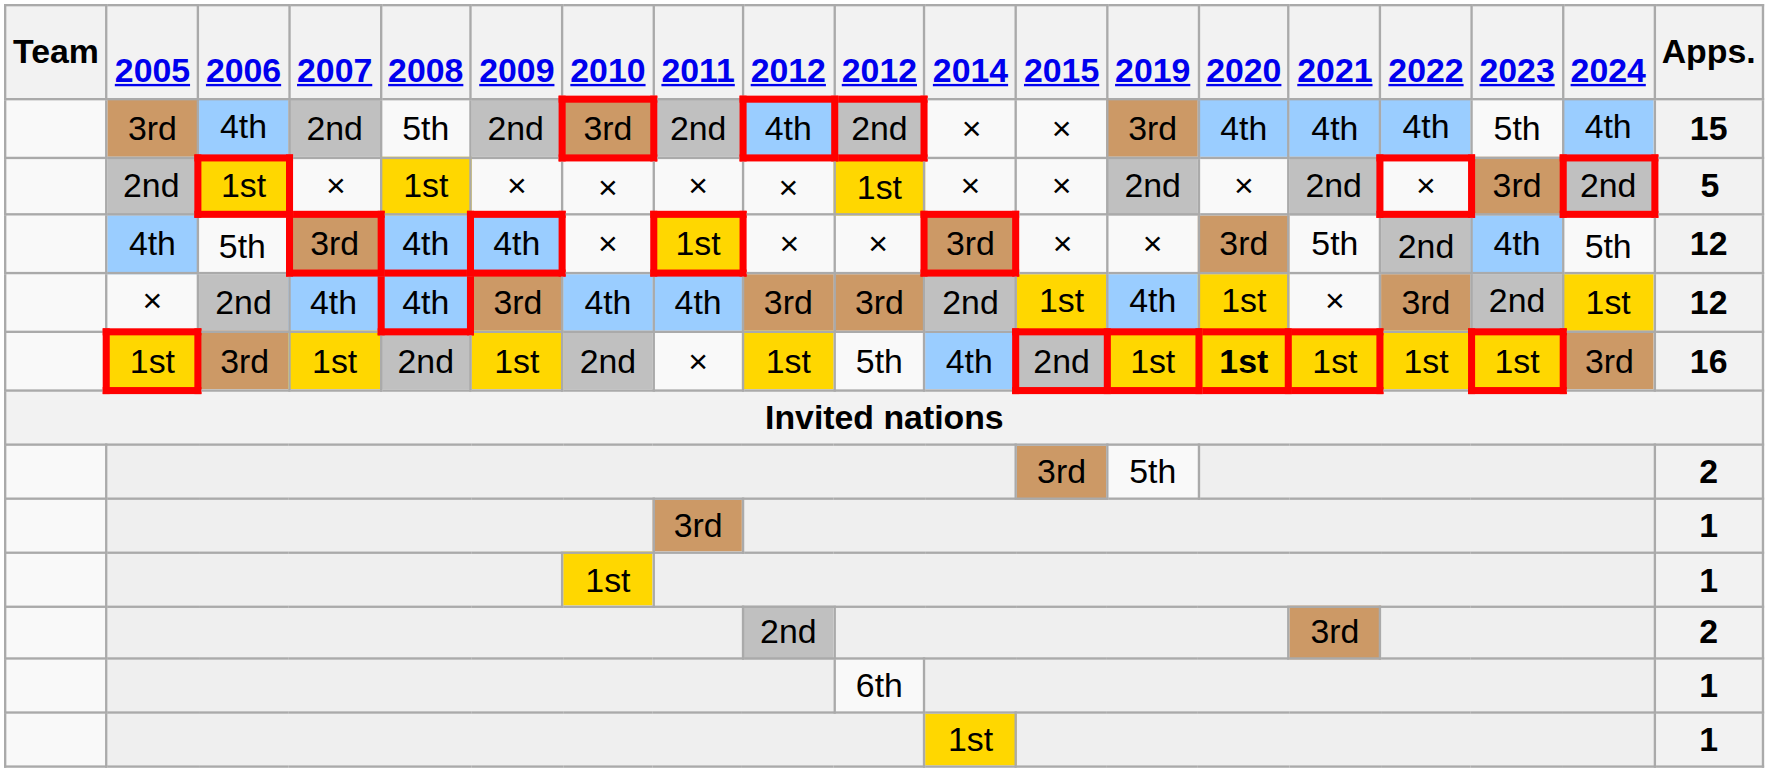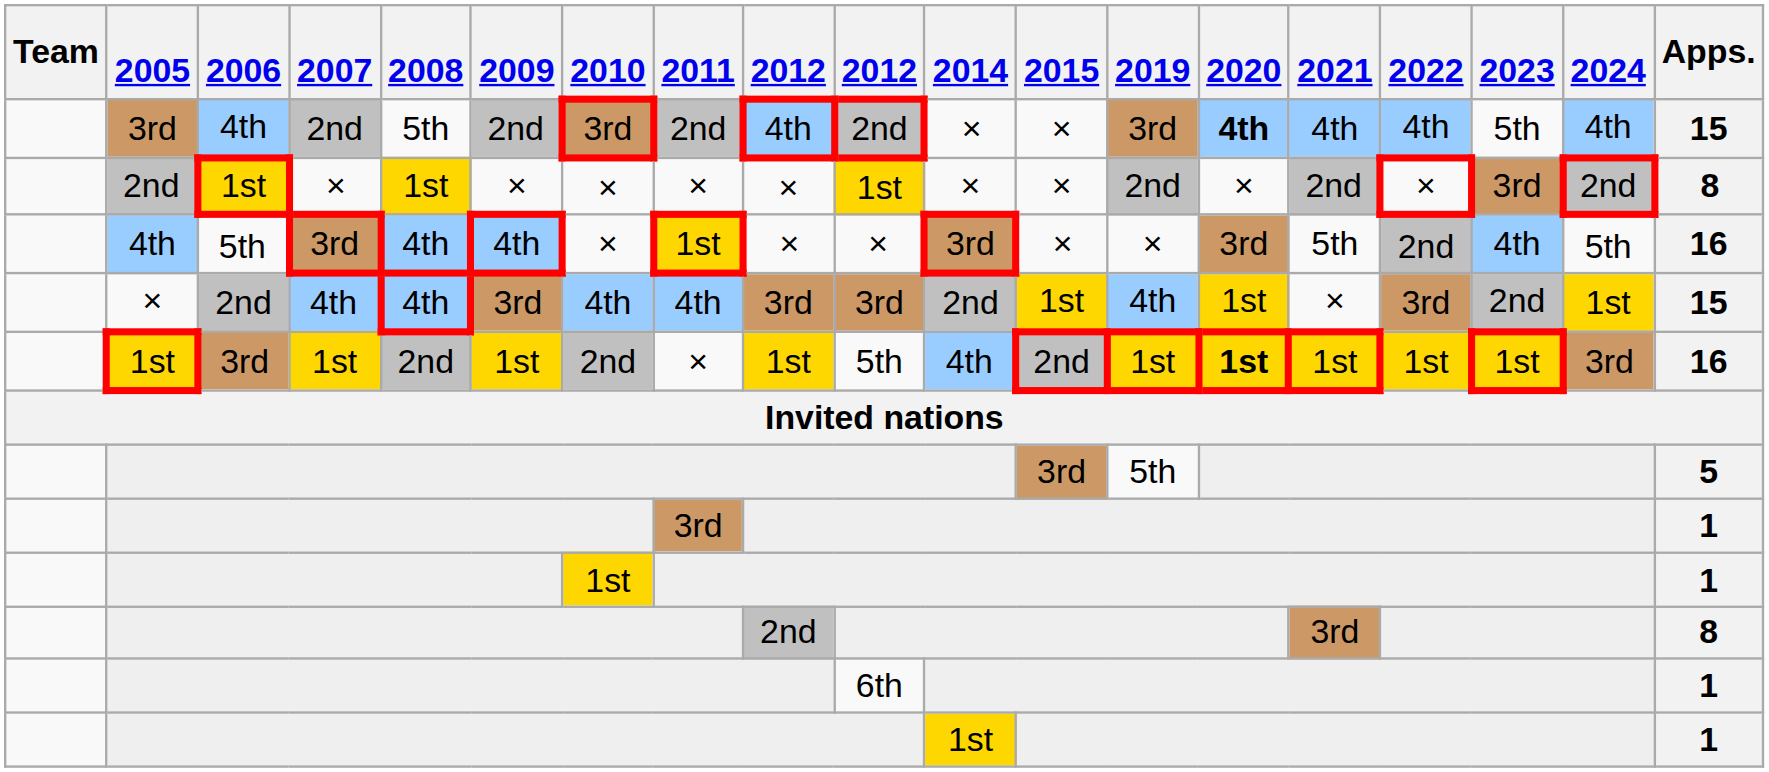 <table class="wikitable" style="text-align:center; font-size:90%">
 <tr>
 <th>Team</th>
 <th><br><a href='#'>2005</a></th>
 <th><br><a href='#'>2006</a></th>
 <th><br><a href='#'>2007</a></th>
 <th><br><a href='#'>2008</a></th>
 <th><br><a href='#'>2009</a></th>
 <th><br><a href='#'>2010</a></th>
 <th><br><a href='#'>2011</a></th>
 <th><br><a href='#'>2012</a></th>
 <th><br><a href='#'>2012</a></th>
 <th><br><a href='#'>2014</a></th>
 <th><br><a href='#'>2015</a></th>
 <th><br><a href='#'>2019</a></th>
 <th><br><a href='#'>2020</a></th>
 <th><br><a href='#'>2021</a></th>
 <th><br><a href='#'>2022</a></th>
 <th><br><a href='#'>2023</a></th>
 <th><br><a href='#'>2024</a></th>
 <th>Apps.</th>
 </tr>
 <tr>
 <td align=left></td>
 <td bgcolor=#cc9966>3rd</td>
 <td bgcolor=#9acdff>4th</td>
 <td bgcolor=Silver>2nd</td>
 <td>5th</td>
 <td bgcolor=Silver>2nd</td>
 <td style="border: 3px solid red" bgcolor=#cc9966>3rd</td>
 <td bgcolor=Silver>2nd</td>
 <td style="border: 3px solid red" bgcolor=#9acdff>4th</td>
 <td style="border: 3px solid red" bgcolor=Silver>2nd</td>
 <td>×</td>
 <td>×</td>
 <td bgcolor=#cc9966>3rd</td>
-<td bgcolor=#9acdff>4th</td>
+<td bgcolor=#9acdff><strong>4th</strong></td>
 <td bgcolor=#9acdff>4th</td>
 <td bgcolor=#9acdff>4th</td>
 <td>5th</td>
 <td bgcolor=#9acdff>4th</td>
 <th>15</th>
 </tr>
 <tr>
 <td align=left></td>
 <td bgcolor=Silver>2nd</td>
 <td style="border: 3px solid red" bgcolor=Gold>1st</td>
 <td>×</td>
 <td bgcolor=Gold>1st</td>
 <td>×</td>
 <td>×</td>
 <td>×</td>
 <td>×</td>
 <td bgcolor=Gold>1st</td>
 <td>×</td>
 <td>×</td>
 <td bgcolor=Silver>2nd</td>
 <td>×</td>
 <td bgcolor=Silver>2nd</td>
 <td style="border: 3px solid red">×</td>
 <td bgcolor=#cc9966>3rd</td>
 <td style="border: 3px solid red" bgcolor=Silver>2nd</td>
-<th>5</th>
+<th>8</th>
 </tr>
 <tr>
 <td align=left></td>
 <td bgcolor=#9acdff>4th</td>
 <td>5th</td>
 <td style="border: 3px solid red" bgcolor=#cc9966>3rd</td>
 <td bgcolor=#9acdff>4th</td>
 <td style="border: 3px solid red" bgcolor=#9acdff>4th</td>
 <td>×</td>
 <td style="border: 3px solid red" bgcolor=Gold>1st</td>
 <td>×</td>
 <td>×</td>
 <td style="border: 3px solid red" bgcolor=#cc9966>3rd</td>
 <td>×</td>
 <td>×</td>
 <td bgcolor=#cc9966>3rd</td>
 <td>5th</td>
 <td bgcolor=Silver>2nd</td>
 <td bgcolor=#9acdff>4th</td>
 <td>5th</td>
-<th>12</th>
+<th>16</th>
 </tr>
 <tr>
 <td align=left></td>
 <td>×</td>
 <td bgcolor=Silver>2nd</td>
 <td bgcolor=#9acdff>4th</td>
 <td style="border: 3px solid red" bgcolor=#9acdff>4th</td>
 <td bgcolor=#cc9966>3rd</td>
 <td bgcolor=#9acdff>4th</td>
 <td bgcolor=#9acdff>4th</td>
 <td bgcolor=#cc9966>3rd</td>
 <td bgcolor=#cc9966>3rd</td>
 <td bgcolor=Silver>2nd</td>
 <td bgcolor=Gold>1st</td>
 <td bgcolor=#9acdff>4th</td>
 <td bgcolor=Gold>1st</td>
 <td>×</td>
 <td bgcolor=#cc9966>3rd</td>
 <td bgcolor=Silver>2nd</td>
 <td bgcolor=Gold>1st</td>
-<th>12</th>
+<th>15</th>
 </tr>
 <tr>
 <td align=left></td>
 <td style="border: 3px solid red" bgcolor=Gold>1st</td>
 <td bgcolor=#cc9966>3rd</td>
 <td bgcolor=Gold>1st</td>
 <td bgcolor=Silver>2nd</td>
 <td bgcolor=Gold>1st</td>
 <td bgcolor=Silver>2nd</td>
 <td>×</td>
 <td bgcolor=Gold>1st</td>
 <td>5th</td>
 <td bgcolor=#9acdff>4th</td>
 <td style="border: 3px solid red" bgcolor=Silver>2nd</td>
 <td style="border: 3px solid red" bgcolor=Gold>1st</td>
 <td style="border: 3px solid red" bgcolor=Gold><strong>1st</strong></td>
 <td style="border: 3px solid red" bgcolor=Gold>1st</td>
 <td bgcolor=Gold>1st</td>
 <td style="border: 3px solid red" bgcolor=Gold>1st</td>
 <td bgcolor=#cc9966>3rd</td>
 <th>16</th>
 </tr>
 <tr>
 <th colspan="19">Invited nations</th>
 </tr>
 <tr>
 <td align=left></td>
 <td colspan="10" bgcolor=#efefef></td>
 <td bgcolor=#cc9966>3rd</td>
 <td>5th</td>
 <td colspan="5" bgcolor=#efefef></td>
-<th>2</th>
+<th>5</th>
 </tr>
 <tr>
 <td align=left></td>
 <td colspan="6" bgcolor=#efefef></td>
 <td bgcolor=#cc9966>3rd</td>
 <td colspan="10" bgcolor=#efefef></td>
 <th>1</th>
 </tr>
 <tr>
 <td align=left></td>
 <td colspan="5" bgcolor=#efefef></td>
 <td bgcolor=Gold>1st</td>
 <td colspan="11" bgcolor=#efefef></td>
 <th>1</th>
 </tr>
 <tr>
 <td align=left></td>
 <td colspan="7" bgcolor=#efefef></td>
 <td bgcolor=Silver>2nd</td>
 <td colspan="5" bgcolor=#efefef></td>
 <td bgcolor=#cc9966>3rd</td>
 <td colspan="3" bgcolor=#efefef></td>
-<th>2</th>
+<th>8</th>
 </tr>
 <tr>
 <td align=left></td>
 <td colspan="8" bgcolor=#efefef></td>
 <td>6th</td>
 <td colspan="8" bgcolor=#efefef></td>
 <th>1</th>
 </tr>
 <tr>
 <td align=left></td>
 <td colspan="9" bgcolor=#efefef></td>
 <td bgcolor=Gold>1st</td>
 <td colspan="7" bgcolor=#efefef></td>
 <th>1</th>
 </tr>
 </table>
